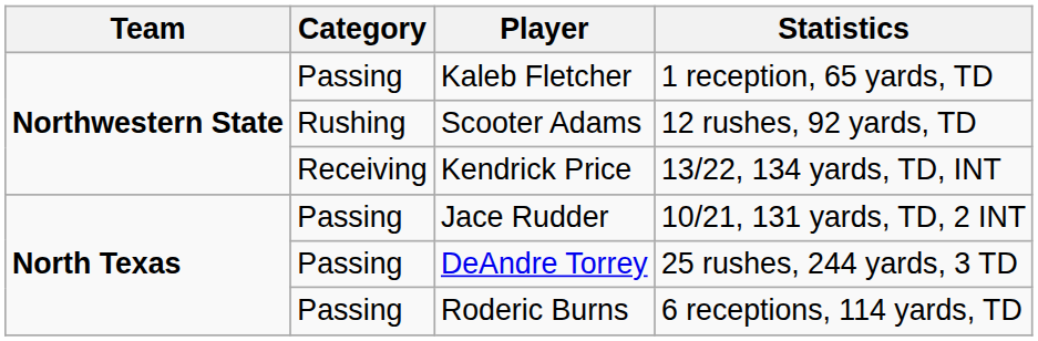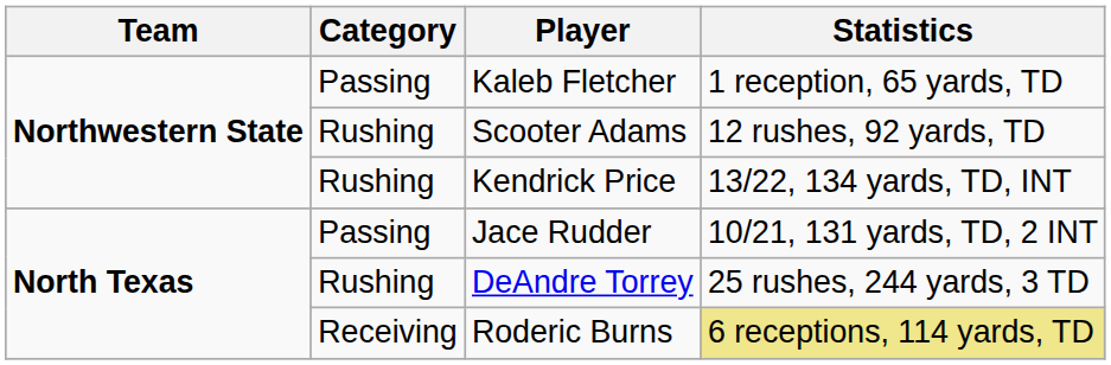 <table class="wikitable" style="float: left;">
 <tr>
 <th>Team</th>
 <th>Category</th>
 <th>Player</th>
 <th>Statistics</th>
 </tr>
 <tr>
 <td rowspan=3><strong>Northwestern State</strong></td>
 <td>Passing</td>
 <td>Kaleb Fletcher</td>
 <td>1 reception, 65 yards, TD</td>
 </tr>
 <tr>
 <td>Rushing</td>
 <td>Scooter Adams</td>
 <td>12 rushes, 92 yards, TD</td>
 </tr>
 <tr>
-<td>Receiving</td>
+<td>Rushing</td>
 <td>Kendrick Price</td>
 <td>13/22, 134 yards, TD, INT</td>
 </tr>
 <tr>
 <td rowspan=3><strong>North Texas</strong></td>
 <td>Passing</td>
 <td>Jace Rudder</td>
 <td>10/21, 131 yards, TD, 2 INT</td>
 </tr>
 <tr>
-<td>Passing</td>
+<td>Rushing</td>
 <td><a href='#'>DeAndre Torrey</a></td>
 <td>25 rushes, 244 yards, 3 TD</td>
 </tr>
 <tr>
-<td>Passing</td>
+<td>Receiving</td>
 <td>Roderic Burns</td>
-<td>6 receptions, 114 yards, TD</td>
+<td style="background: khaki;">6 receptions, 114 yards, TD</td>
 </tr>
 </table>
